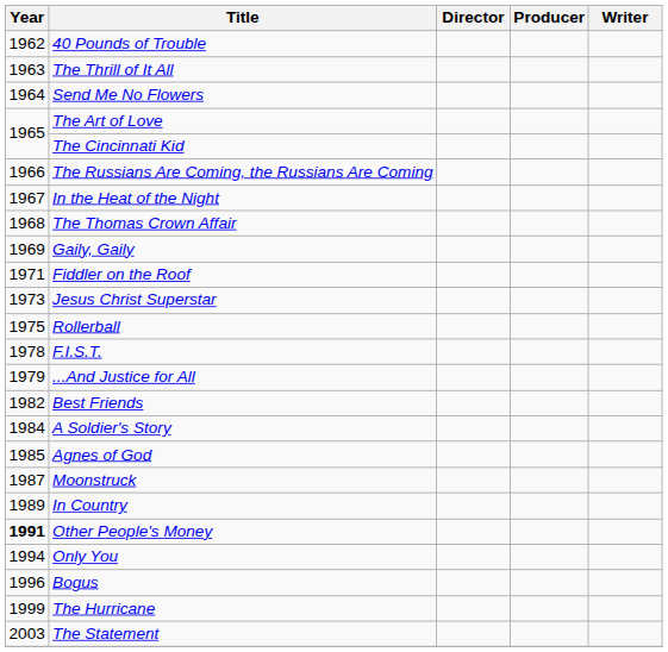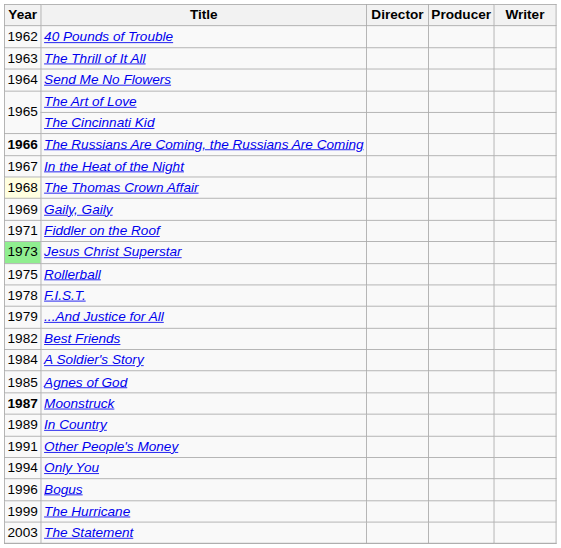 <table class="wikitable">
 <tr>
 <th>Year</th>
 <th>Title</th>
 <th width="65">Director</th>
 <th width="65">Producer</th>
 <th width="65">Writer</th>
 </tr>
 <tr>
 <td>1962</td>
 <td><em><a href='#'>40 Pounds of Trouble</a></em></td>
 <td></td>
 <td></td>
 <td></td>
 </tr>
 <tr>
 <td>1963</td>
 <td><em><a href='#'>The Thrill of It All</a></em></td>
 <td></td>
 <td></td>
 <td></td>
 </tr>
 <tr>
 <td>1964</td>
 <td><em><a href='#'>Send Me No Flowers</a></em></td>
 <td></td>
 <td></td>
 <td></td>
 </tr>
 <tr>
 <td rowspan="2">1965</td>
 <td><em><a href='#'>The Art of Love</a></em></td>
 <td></td>
 <td></td>
 <td></td>
 </tr>
 <tr>
 <td><em><a href='#'>The Cincinnati Kid</a></em></td>
 <td></td>
 <td></td>
 <td></td>
 </tr>
 <tr>
-<td>1966</td>
+<td><strong>1966</strong></td>
 <td><em><a href='#'>The Russians Are Coming, the Russians Are Coming</a></em></td>
 <td></td>
 <td></td>
 <td></td>
 </tr>
 <tr>
 <td>1967</td>
 <td><em><a href='#'>In the Heat of the Night</a></em></td>
 <td></td>
 <td></td>
 <td></td>
 </tr>
 <tr>
-<td>1968</td>
+<td style="background: lightyellow;">1968</td>
 <td><em><a href='#'>The Thomas Crown Affair</a></em></td>
 <td></td>
 <td></td>
 <td></td>
 </tr>
 <tr>
 <td>1969</td>
 <td><em><a href='#'>Gaily, Gaily</a></em></td>
 <td></td>
 <td></td>
 <td></td>
 </tr>
 <tr>
 <td>1971</td>
 <td><em><a href='#'>Fiddler on the Roof</a></em></td>
 <td></td>
 <td></td>
 <td></td>
 </tr>
 <tr>
-<td>1973</td>
+<td style="background: lightgreen;">1973</td>
 <td><em><a href='#'>Jesus Christ Superstar</a></em></td>
 <td></td>
 <td></td>
 <td></td>
 </tr>
 <tr>
 <td>1975</td>
 <td><em><a href='#'>Rollerball</a></em></td>
 <td></td>
 <td></td>
 <td></td>
 </tr>
 <tr>
 <td>1978</td>
 <td><em><a href='#'>F.I.S.T.</a></em></td>
 <td></td>
 <td></td>
 <td></td>
 </tr>
 <tr>
 <td>1979</td>
 <td><em><a href='#'>...And Justice for All</a></em></td>
 <td></td>
 <td></td>
 <td></td>
 </tr>
 <tr>
 <td>1982</td>
 <td><em><a href='#'>Best Friends</a></em></td>
 <td></td>
 <td></td>
 <td></td>
 </tr>
 <tr>
 <td>1984</td>
 <td><em><a href='#'>A Soldier's Story</a></em></td>
 <td></td>
 <td></td>
 <td></td>
 </tr>
 <tr>
 <td>1985</td>
 <td><em><a href='#'>Agnes of God</a></em></td>
 <td></td>
 <td></td>
 <td></td>
 </tr>
 <tr>
-<td>1987</td>
+<td><strong>1987</strong></td>
 <td><em><a href='#'>Moonstruck</a></em></td>
 <td></td>
 <td></td>
 <td></td>
 </tr>
 <tr>
 <td>1989</td>
 <td><em><a href='#'>In Country</a></em></td>
 <td></td>
 <td></td>
 <td></td>
 </tr>
 <tr>
-<td><strong>1991</strong></td>
+<td>1991</td>
 <td><em><a href='#'>Other People's Money</a></em></td>
 <td></td>
 <td></td>
 <td></td>
 </tr>
 <tr>
 <td>1994</td>
 <td><em><a href='#'>Only You</a></em></td>
 <td></td>
 <td></td>
 <td></td>
 </tr>
 <tr>
 <td>1996</td>
 <td><em><a href='#'>Bogus</a></em></td>
 <td></td>
 <td></td>
 <td></td>
 </tr>
 <tr>
 <td>1999</td>
 <td><em><a href='#'>The Hurricane</a></em></td>
 <td></td>
 <td></td>
 <td></td>
 </tr>
 <tr>
 <td>2003</td>
 <td><em><a href='#'>The Statement</a></em></td>
 <td></td>
 <td></td>
 <td></td>
 </tr>
 <tr>
 </tr>
 </table>
